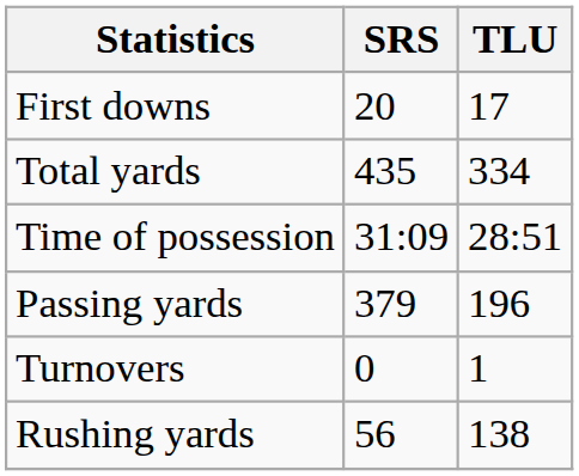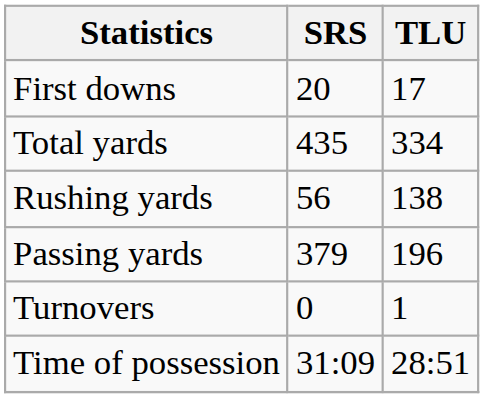 <table class="wikitable" style="float: left;">
 <tr>
 <th>Statistics</th>
 <th>SRS</th>
 <th>TLU</th>
 </tr>
 <tr>
 <td>First downs</td>
 <td>20</td>
 <td>17</td>
 </tr>
 <tr>
 <td>Total yards</td>
 <td>435</td>
 <td>334</td>
 </tr>
 <tr>
-<td>Time of possession</td>
-<td>31:09</td>
-<td>28:51</td>
+<td>Rushing yards</td>
+<td>56</td>
+<td>138</td>
 </tr>
 <tr>
 <td>Passing yards</td>
 <td>379</td>
 <td>196</td>
 </tr>
 <tr>
 <td>Turnovers</td>
 <td>0</td>
 <td>1</td>
 </tr>
 <tr>
-<td>Rushing yards</td>
-<td>56</td>
-<td>138</td>
+<td>Time of possession</td>
+<td>31:09</td>
+<td>28:51</td>
 </tr>
 <tr>
 </tr>
 </table>
